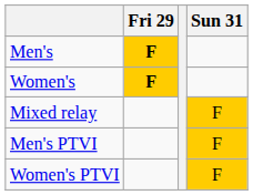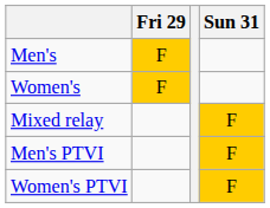 <table class="wikitable" style="margin:0.5em auto; font-size:90%; line-height:1.25em; text-align:center;">
 <tr>
 <th></th>
 <th>Fri 29</th>
 <th rowspan=6></th>
 <th>Sun 31</th>
 </tr>
 <tr>
 <td style="text-align:left;"><a href='#'>Men's</a></td>
-<td style="background-color:#FFCC00;"><strong>F</strong></td>
+<td style="background-color:#FFCC00;">F</td>
 <td></td>
 </tr>
 <tr>
 <td style="text-align:left;"><a href='#'>Women's</a></td>
-<td style="background-color:#FFCC00;"><strong>F</strong></td>
+<td style="background-color:#FFCC00;">F</td>
 <td></td>
 </tr>
 <tr>
 <td style="text-align:left;"><a href='#'>Mixed relay</a></td>
 <td></td>
 <td style="background-color:#FFCC00;">F</td>
 </tr>
 <tr>
 <td style="text-align:left;"><a href='#'>Men's PTVI</a></td>
 <td></td>
 <td style="background-color:#FFCC00;">F</td>
 </tr>
 <tr>
 <td style="text-align:left;"><a href='#'>Women's PTVI</a></td>
 <td></td>
 <td style="background-color:#FFCC00;">F</td>
 </tr>
 </table>
